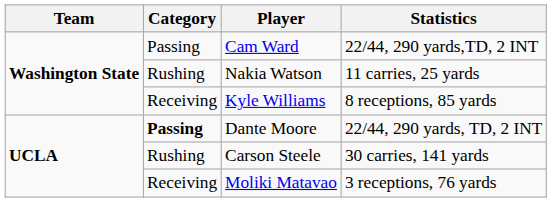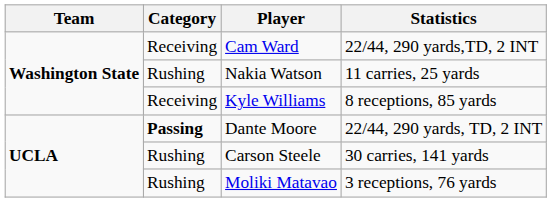 <table class="wikitable" style="float: right;">
 <tr>
 <th>Team</th>
 <th>Category</th>
 <th>Player</th>
 <th>Statistics</th>
 </tr>
 <tr>
 <td rowspan=3><strong>Washington State</strong></td>
-<td>Passing</td>
+<td>Receiving</td>
 <td><a href='#'>Cam Ward</a></td>
 <td>22/44, 290 yards,TD, 2 INT</td>
 </tr>
 <tr>
 <td>Rushing</td>
 <td>Nakia Watson</td>
 <td>11 carries, 25 yards</td>
 </tr>
 <tr>
 <td>Receiving</td>
 <td><a href='#'>Kyle Williams</a></td>
 <td>8 receptions, 85 yards</td>
 </tr>
 <tr>
 <td rowspan=3><strong>UCLA</strong></td>
 <td><strong>Passing</strong></td>
 <td>Dante Moore</td>
 <td>22/44, 290 yards, TD, 2 INT</td>
 </tr>
 <tr>
 <td>Rushing</td>
 <td>Carson Steele</td>
 <td>30 carries, 141 yards</td>
 </tr>
 <tr>
-<td>Receiving</td>
+<td>Rushing</td>
 <td><a href='#'>Moliki Matavao</a></td>
 <td>3 receptions, 76 yards</td>
 </tr>
 </table>
